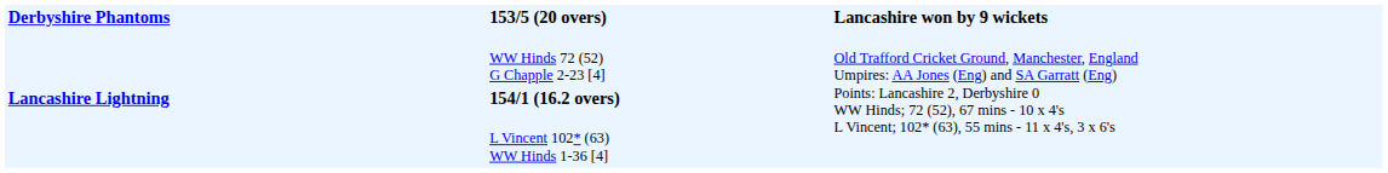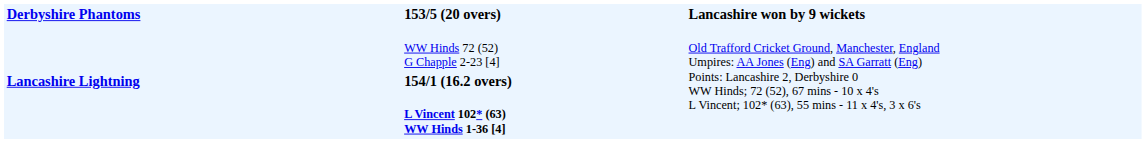 <table style="width:100%; background:#ebf5ff;">
 <tr>
 <td style="width:35%; vertical-align:top;" rowspan="2"><strong><a href='#'>Derbyshire Phantoms</a></strong></td>
 <td style="width:25%;"><strong>153/5 (20 overs)</strong></td>
 <td style="width:40%;"><strong>Lancashire won by 9 wickets</strong></td>
 </tr>
 <tr>
 <td style="font-size: 85%;"><br><a href='#'>WW Hinds</a> 72 (52)<br> <a href='#'>G Chapple</a> 2-23 [4]</td>
 <td style="vertical-align:top; font-size:85%;" rowspan="3"><br><a href='#'>Old Trafford Cricket Ground</a>, <a href='#'>Manchester</a>, <a href='#'>England</a><br> Umpires: <a href='#'>AA Jones</a> (<a href='#'>Eng</a>) and <a href='#'>SA Garratt</a> (<a href='#'>Eng</a>)<br> Points: Lancashire 2, Derbyshire 0<br>WW Hinds; 72 (52), 67 mins - 10 x 4's<br> L Vincent; 102* (63), 55 mins - 11 x 4's, 3 x 6's</td>
 </tr>
 <tr>
 <td style="vertical-align:top;" rowspan="2"><strong><a href='#'>Lancashire Lightning</a></strong></td>
 <td><strong>154/1 (16.2 overs)</strong></td>
 </tr>
 <tr>
-<td style="font-size: 85%;"><br><a href='#'>L Vincent</a> 102<a href='#'>*</a> (63)<br> <a href='#'>WW Hinds</a> 1-36 [4]</td>
+<td style="font-size: 85%;"><strong><br><a href='#'>L Vincent</a> 102<a href='#'>*</a> (63)<br> <a href='#'>WW Hinds</a> 1-36 [4]</strong></td>
 </tr>
 </table>
